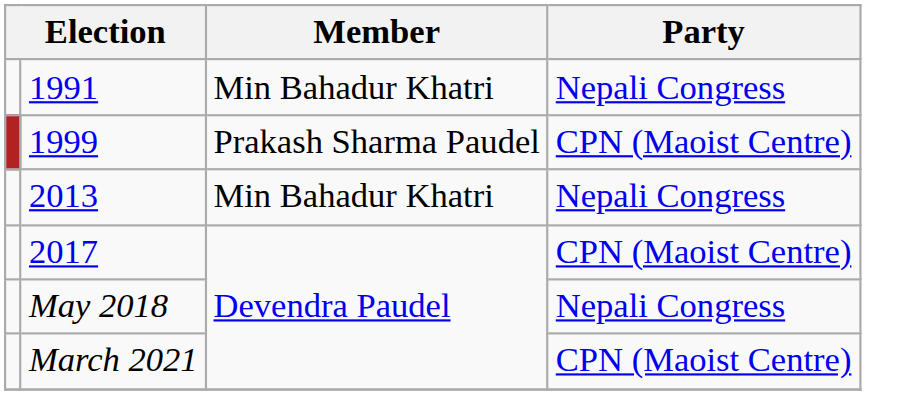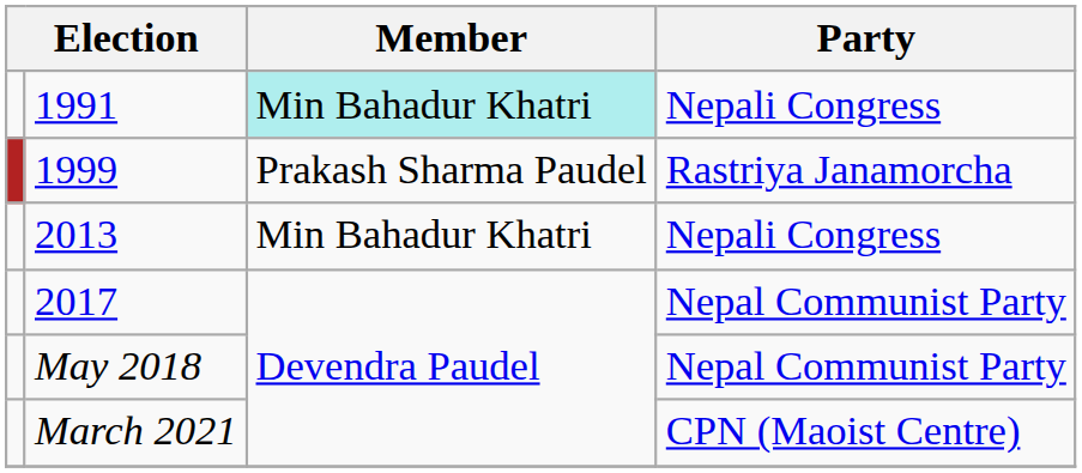 <table class="wikitable">
 <tr>
 <th colspan="2">Election</th>
 <th>Member</th>
 <th>Party</th>
 </tr>
 <tr>
 <td style="background-color:"></td>
 <td><a href='#'>1991</a></td>
-<td>Min Bahadur Khatri</td>
+<td style="background: paleturquoise;">Min Bahadur Khatri</td>
 <td><a href='#'>Nepali Congress</a></td>
 </tr>
 <tr>
 <td style="background-color:firebrick"></td>
 <td><a href='#'>1999</a></td>
 <td>Prakash Sharma Paudel</td>
-<td><a href='#'>CPN (Maoist Centre)</a></td>
+<td><a href='#'>Rastriya Janamorcha</a></td>
 </tr>
 <tr>
 <td style="background-color:"></td>
 <td><a href='#'>2013</a></td>
 <td>Min Bahadur Khatri</td>
 <td><a href='#'>Nepali Congress</a></td>
 </tr>
 <tr>
 <td style="background-color:"></td>
 <td><a href='#'>2017</a></td>
 <td rowspan="3"><a href='#'>Devendra Paudel</a></td>
-<td><a href='#'>CPN (Maoist Centre)</a></td>
+<td><a href='#'>Nepal Communist Party</a></td>
 </tr>
 <tr>
 <td style="background-color:"></td>
 <td><em>May 2018</em></td>
-<td><a href='#'>Nepali Congress</a></td>
+<td><a href='#'>Nepal Communist Party</a></td>
 </tr>
 <tr>
 <td></td>
 <td><em>March 2021</em></td>
 <td><a href='#'>CPN (Maoist Centre)</a></td>
 </tr>
 <tr>
 </tr>
 </table>
